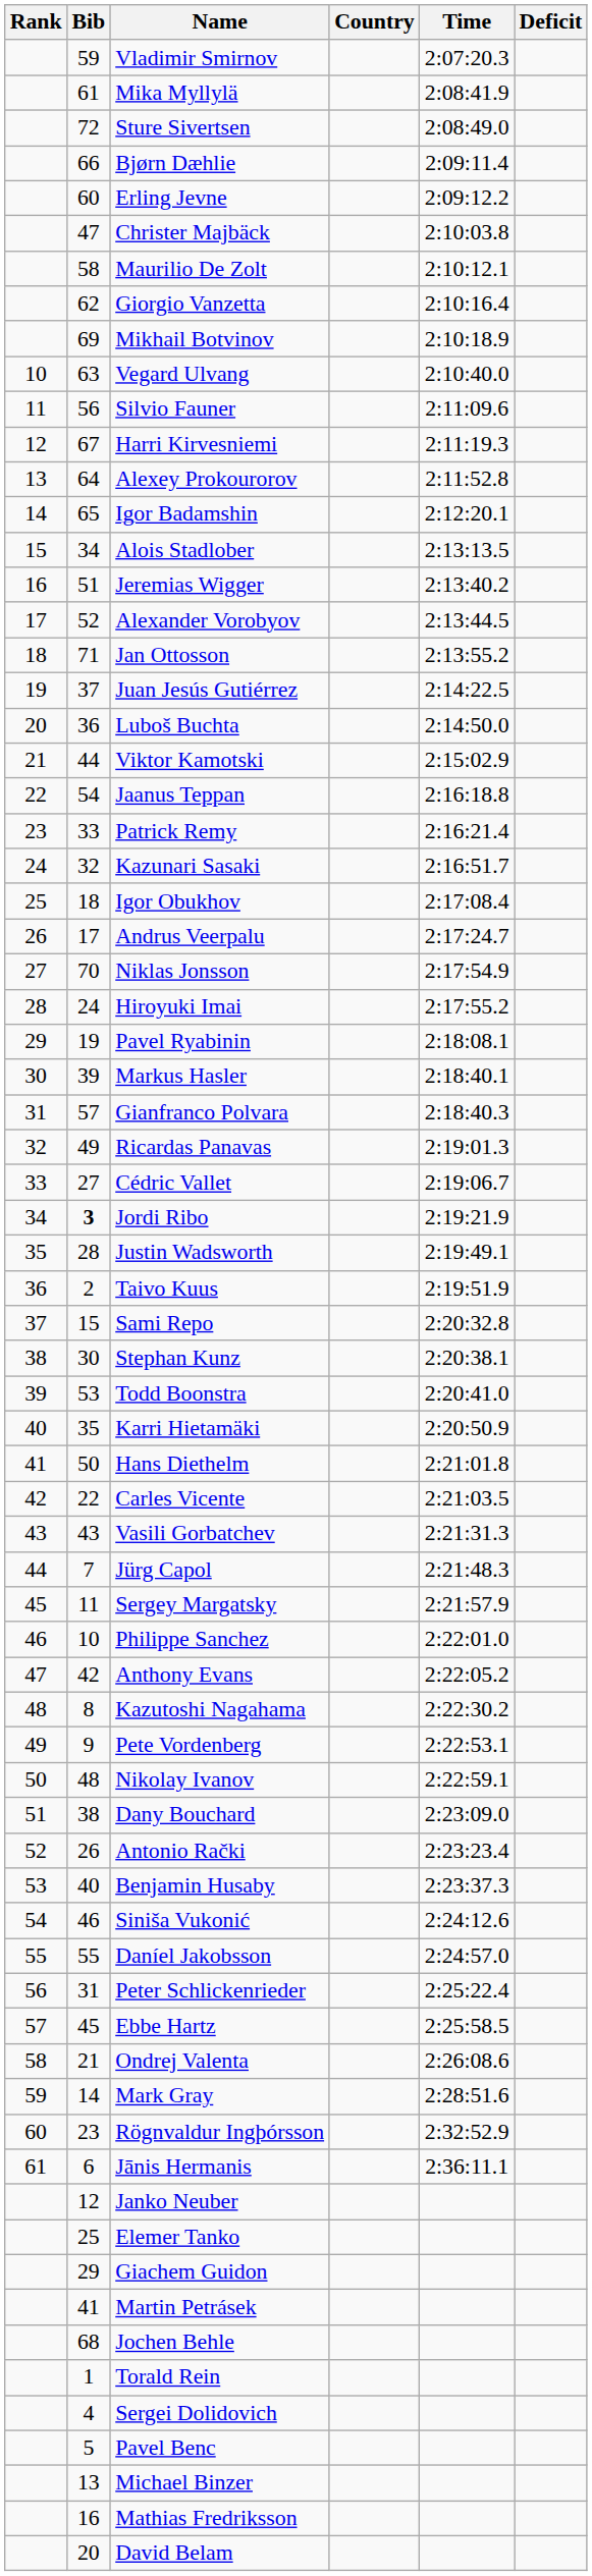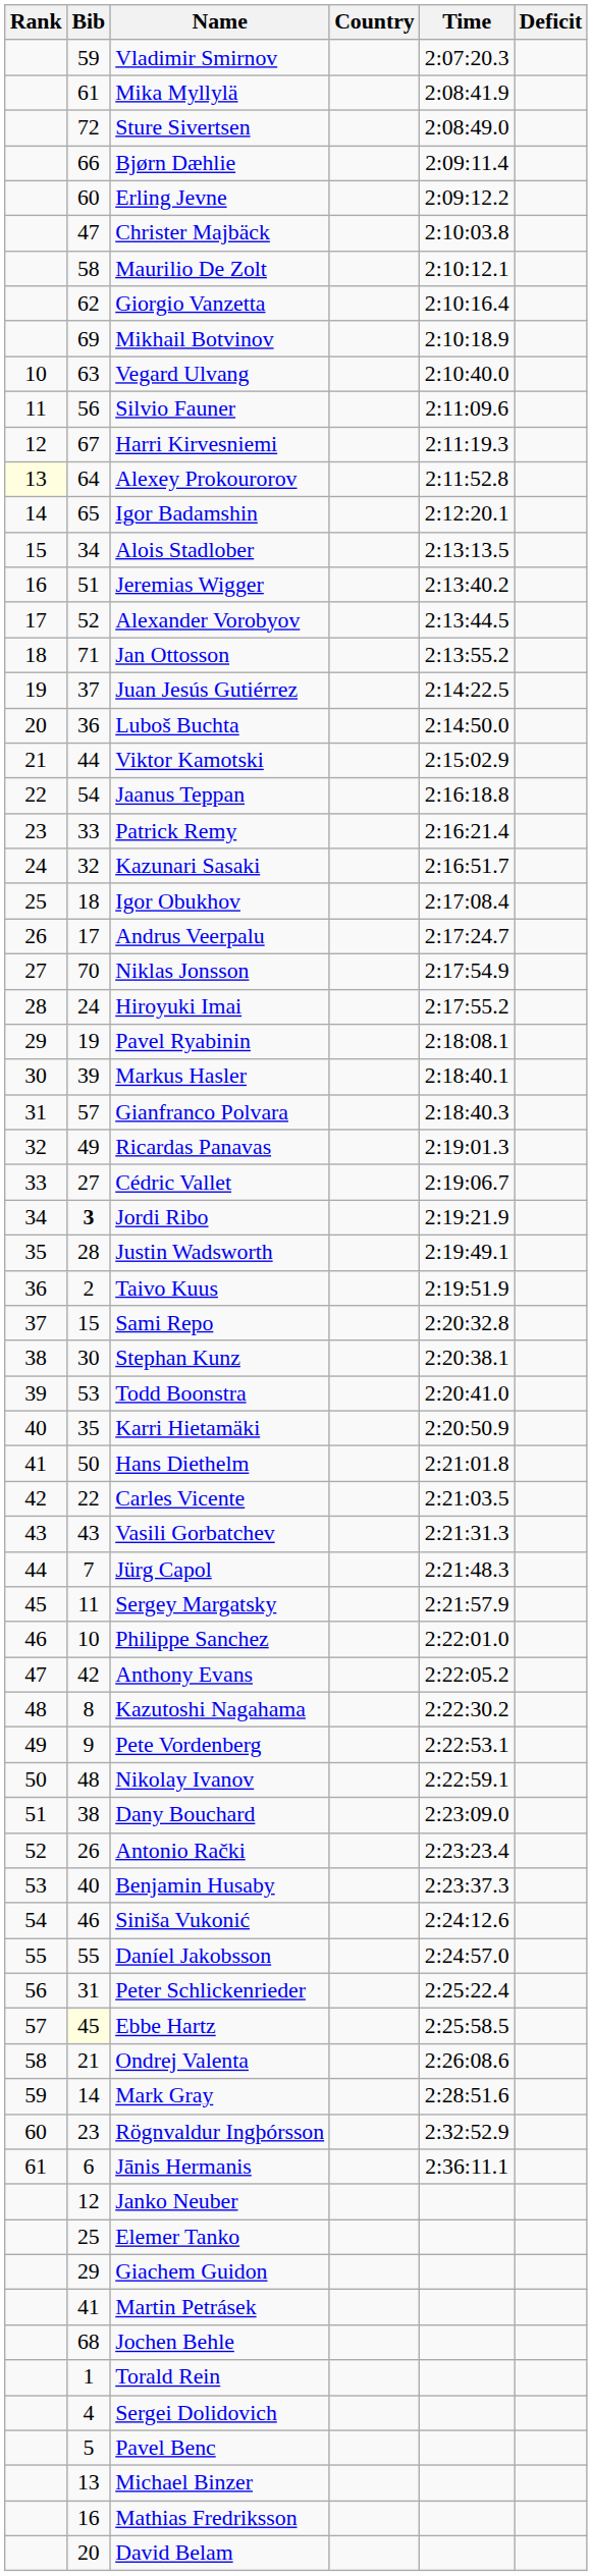 <table class="wikitable sortable" style="text-align:center">
 <tr>
 <th>Rank</th>
 <th>Bib</th>
 <th>Name</th>
 <th>Country</th>
 <th>Time</th>
 <th>Deficit</th>
 </tr>
 <tr>
 <td></td>
 <td>59</td>
 <td align="left"><a href='#'>Vladimir Smirnov</a></td>
 <td align="left"></td>
 <td>2:07:20.3</td>
 <td></td>
 </tr>
 <tr>
 <td></td>
 <td>61</td>
 <td align="left"><a href='#'>Mika Myllylä</a></td>
 <td align="left"></td>
 <td>2:08:41.9</td>
 <td align="right"></td>
 </tr>
 <tr>
 <td></td>
 <td>72</td>
 <td align="left"><a href='#'>Sture Sivertsen</a></td>
 <td align="left"></td>
 <td>2:08:49.0</td>
 <td align="right"></td>
 </tr>
 <tr>
 <td></td>
 <td>66</td>
 <td align="left"><a href='#'>Bjørn Dæhlie</a></td>
 <td align="left"></td>
 <td>2:09:11.4</td>
 <td align="right"></td>
 </tr>
 <tr>
 <td></td>
 <td>60</td>
 <td align="left"><a href='#'>Erling Jevne</a></td>
 <td align="left"></td>
 <td>2:09:12.2</td>
 <td align="right"></td>
 </tr>
 <tr>
 <td></td>
 <td>47</td>
 <td align="left"><a href='#'>Christer Majbäck</a></td>
 <td align="left"></td>
 <td>2:10:03.8</td>
 <td align="right"></td>
 </tr>
 <tr>
 <td></td>
 <td>58</td>
 <td align="left"><a href='#'>Maurilio De Zolt</a></td>
 <td align="left"></td>
 <td>2:10:12.1</td>
 <td align="right"></td>
 </tr>
 <tr>
 <td></td>
 <td>62</td>
 <td align="left"><a href='#'>Giorgio Vanzetta</a></td>
 <td align="left"></td>
 <td>2:10:16.4</td>
 <td align="right"></td>
 </tr>
 <tr>
 <td></td>
 <td>69</td>
 <td align="left"><a href='#'>Mikhail Botvinov</a></td>
 <td align="left"></td>
 <td>2:10:18.9</td>
 <td align="right"></td>
 </tr>
 <tr>
 <td>10</td>
 <td>63</td>
 <td align="left"><a href='#'>Vegard Ulvang</a></td>
 <td align="left"></td>
 <td>2:10:40.0</td>
 <td align="right"></td>
 </tr>
 <tr>
 <td>11</td>
 <td>56</td>
 <td align="left"><a href='#'>Silvio Fauner</a></td>
 <td align="left"></td>
 <td>2:11:09.6</td>
 <td align="right"></td>
 </tr>
 <tr>
 <td>12</td>
 <td>67</td>
 <td align="left"><a href='#'>Harri Kirvesniemi</a></td>
 <td align="left"></td>
 <td>2:11:19.3</td>
 <td align="right"></td>
 </tr>
 <tr>
-<td>13</td>
+<td style="background: lightyellow;">13</td>
 <td>64</td>
 <td align="left"><a href='#'>Alexey Prokourorov</a></td>
 <td align="left"></td>
 <td>2:11:52.8</td>
 <td align="right"></td>
 </tr>
 <tr>
 <td>14</td>
 <td>65</td>
 <td align="left"><a href='#'>Igor Badamshin</a></td>
 <td align="left"></td>
 <td>2:12:20.1</td>
 <td align="right"></td>
 </tr>
 <tr>
 <td>15</td>
 <td>34</td>
 <td align="left"><a href='#'>Alois Stadlober</a></td>
 <td align="left"></td>
 <td>2:13:13.5</td>
 <td align="right"></td>
 </tr>
 <tr>
 <td>16</td>
 <td>51</td>
 <td align="left"><a href='#'>Jeremias Wigger</a></td>
 <td align="left"></td>
 <td>2:13:40.2</td>
 <td align="right"></td>
 </tr>
 <tr>
 <td>17</td>
 <td>52</td>
 <td align="left"><a href='#'>Alexander Vorobyov</a></td>
 <td align="left"></td>
 <td>2:13:44.5</td>
 <td align="right"></td>
 </tr>
 <tr>
 <td>18</td>
 <td>71</td>
 <td align="left"><a href='#'>Jan Ottosson</a></td>
 <td align="left"></td>
 <td>2:13:55.2</td>
 <td align="right"></td>
 </tr>
 <tr>
 <td>19</td>
 <td>37</td>
 <td align="left"><a href='#'>Juan Jesús Gutiérrez</a></td>
 <td align="left"></td>
 <td>2:14:22.5</td>
 <td align="right"></td>
 </tr>
 <tr>
 <td>20</td>
 <td>36</td>
 <td align="left"><a href='#'>Luboš Buchta</a></td>
 <td align="left"></td>
 <td>2:14:50.0</td>
 <td align="right"></td>
 </tr>
 <tr>
 <td>21</td>
 <td>44</td>
 <td align="left"><a href='#'>Viktor Kamotski</a></td>
 <td align="left"></td>
 <td>2:15:02.9</td>
 <td align="right"></td>
 </tr>
 <tr>
 <td>22</td>
 <td>54</td>
 <td align="left"><a href='#'>Jaanus Teppan</a></td>
 <td align="left"></td>
 <td>2:16:18.8</td>
 <td align="right"></td>
 </tr>
 <tr>
 <td>23</td>
 <td>33</td>
 <td align="left"><a href='#'>Patrick Remy</a></td>
 <td align="left"></td>
 <td>2:16:21.4</td>
 <td align="right"></td>
 </tr>
 <tr>
 <td>24</td>
 <td>32</td>
 <td align="left"><a href='#'>Kazunari Sasaki</a></td>
 <td align="left"></td>
 <td>2:16:51.7</td>
 <td align="right"></td>
 </tr>
 <tr>
 <td>25</td>
 <td>18</td>
 <td align="left"><a href='#'>Igor Obukhov</a></td>
 <td align="left"></td>
 <td>2:17:08.4</td>
 <td align="right"></td>
 </tr>
 <tr>
 <td>26</td>
 <td>17</td>
 <td align="left"><a href='#'>Andrus Veerpalu</a></td>
 <td align="left"></td>
 <td>2:17:24.7</td>
 <td align="right"></td>
 </tr>
 <tr>
 <td>27</td>
 <td>70</td>
 <td align="left"><a href='#'>Niklas Jonsson</a></td>
 <td align="left"></td>
 <td>2:17:54.9</td>
 <td align="right"></td>
 </tr>
 <tr>
 <td>28</td>
 <td>24</td>
 <td align="left"><a href='#'>Hiroyuki Imai</a></td>
 <td align="left"></td>
 <td>2:17:55.2</td>
 <td align="right"></td>
 </tr>
 <tr>
 <td>29</td>
 <td>19</td>
 <td align="left"><a href='#'>Pavel Ryabinin</a></td>
 <td align="left"></td>
 <td>2:18:08.1</td>
 <td align="right"></td>
 </tr>
 <tr>
 <td>30</td>
 <td>39</td>
 <td align="left"><a href='#'>Markus Hasler</a></td>
 <td align="left"></td>
 <td>2:18:40.1</td>
 <td align="right"></td>
 </tr>
 <tr>
 <td>31</td>
 <td>57</td>
 <td align="left"><a href='#'>Gianfranco Polvara</a></td>
 <td align="left"></td>
 <td>2:18:40.3</td>
 <td align="right"></td>
 </tr>
 <tr>
 <td>32</td>
 <td>49</td>
 <td align="left"><a href='#'>Ricardas Panavas</a></td>
 <td align="left"></td>
 <td>2:19:01.3</td>
 <td align="right"></td>
 </tr>
 <tr>
 <td>33</td>
 <td>27</td>
 <td align="left"><a href='#'>Cédric Vallet</a></td>
 <td align="left"></td>
 <td>2:19:06.7</td>
 <td align="right"></td>
 </tr>
 <tr>
 <td>34</td>
 <td><strong>3</strong></td>
 <td align="left"><a href='#'>Jordi Ribo</a></td>
 <td align="left"></td>
 <td>2:19:21.9</td>
 <td align="right"></td>
 </tr>
 <tr>
 <td>35</td>
 <td>28</td>
 <td align="left"><a href='#'>Justin Wadsworth</a></td>
 <td align="left"></td>
 <td>2:19:49.1</td>
 <td align="right"></td>
 </tr>
 <tr>
 <td>36</td>
 <td>2</td>
 <td align="left"><a href='#'>Taivo Kuus</a></td>
 <td align="left"></td>
 <td>2:19:51.9</td>
 <td align="right"></td>
 </tr>
 <tr>
 <td>37</td>
 <td>15</td>
 <td align="left"><a href='#'>Sami Repo</a></td>
 <td align="left"></td>
 <td>2:20:32.8</td>
 <td align="right"></td>
 </tr>
 <tr>
 <td>38</td>
 <td>30</td>
 <td align="left"><a href='#'>Stephan Kunz</a></td>
 <td align="left"></td>
 <td>2:20:38.1</td>
 <td align="right"></td>
 </tr>
 <tr>
 <td>39</td>
 <td>53</td>
 <td align="left"><a href='#'>Todd Boonstra</a></td>
 <td align="left"></td>
 <td>2:20:41.0</td>
 <td align="right"></td>
 </tr>
 <tr>
 <td>40</td>
 <td>35</td>
 <td align="left"><a href='#'>Karri Hietamäki</a></td>
 <td align="left"></td>
 <td>2:20:50.9</td>
 <td align="right"></td>
 </tr>
 <tr>
 <td>41</td>
 <td>50</td>
 <td align="left"><a href='#'>Hans Diethelm</a></td>
 <td align="left"></td>
 <td>2:21:01.8</td>
 <td align="right"></td>
 </tr>
 <tr>
 <td>42</td>
 <td>22</td>
 <td align="left"><a href='#'>Carles Vicente</a></td>
 <td align="left"></td>
 <td>2:21:03.5</td>
 <td align="right"></td>
 </tr>
 <tr>
 <td>43</td>
 <td>43</td>
 <td align="left"><a href='#'>Vasili Gorbatchev</a></td>
 <td align="left"></td>
 <td>2:21:31.3</td>
 <td align="right"></td>
 </tr>
 <tr>
 <td>44</td>
 <td>7</td>
 <td align="left"><a href='#'>Jürg Capol</a></td>
 <td align="left"></td>
 <td>2:21:48.3</td>
 <td align="right"></td>
 </tr>
 <tr>
 <td>45</td>
 <td>11</td>
 <td align="left"><a href='#'>Sergey Margatsky</a></td>
 <td align="left"></td>
 <td>2:21:57.9</td>
 <td align="right"></td>
 </tr>
 <tr>
 <td>46</td>
 <td>10</td>
 <td align="left"><a href='#'>Philippe Sanchez</a></td>
 <td align="left"></td>
 <td>2:22:01.0</td>
 <td align="right"></td>
 </tr>
 <tr>
 <td>47</td>
 <td>42</td>
 <td align="left"><a href='#'>Anthony Evans</a></td>
 <td align="left"></td>
 <td>2:22:05.2</td>
 <td align="right"></td>
 </tr>
 <tr>
 <td>48</td>
 <td>8</td>
 <td align="left"><a href='#'>Kazutoshi Nagahama</a></td>
 <td align="left"></td>
 <td>2:22:30.2</td>
 <td align="right"></td>
 </tr>
 <tr>
 <td>49</td>
 <td>9</td>
 <td align="left"><a href='#'>Pete Vordenberg</a></td>
 <td align="left"></td>
 <td>2:22:53.1</td>
 <td align="right"></td>
 </tr>
 <tr>
 <td>50</td>
 <td>48</td>
 <td align="left"><a href='#'>Nikolay Ivanov</a></td>
 <td align="left"></td>
 <td>2:22:59.1</td>
 <td align="right"></td>
 </tr>
 <tr>
 <td>51</td>
 <td>38</td>
 <td align="left"><a href='#'>Dany Bouchard</a></td>
 <td align="left"></td>
 <td>2:23:09.0</td>
 <td align="right"></td>
 </tr>
 <tr>
 <td>52</td>
 <td>26</td>
 <td align="left"><a href='#'>Antonio Rački</a></td>
 <td align="left"></td>
 <td>2:23:23.4</td>
 <td align="right"></td>
 </tr>
 <tr>
 <td>53</td>
 <td>40</td>
 <td align="left"><a href='#'>Benjamin Husaby</a></td>
 <td align="left"></td>
 <td>2:23:37.3</td>
 <td align="right"></td>
 </tr>
 <tr>
 <td>54</td>
 <td>46</td>
 <td align="left"><a href='#'>Siniša Vukonić</a></td>
 <td align="left"></td>
 <td>2:24:12.6</td>
 <td align="right"></td>
 </tr>
 <tr>
 <td>55</td>
 <td>55</td>
 <td align="left"><a href='#'>Daníel Jakobsson</a></td>
 <td align="left"></td>
 <td>2:24:57.0</td>
 <td align="right"></td>
 </tr>
 <tr>
 <td>56</td>
 <td>31</td>
 <td align="left"><a href='#'>Peter Schlickenrieder</a></td>
 <td align="left"></td>
 <td>2:25:22.4</td>
 <td align="right"></td>
 </tr>
 <tr>
 <td>57</td>
-<td>45</td>
+<td style="background: lightyellow;">45</td>
 <td align="left"><a href='#'>Ebbe Hartz</a></td>
 <td align="left"></td>
 <td>2:25:58.5</td>
 <td align="right"></td>
 </tr>
 <tr>
 <td>58</td>
 <td>21</td>
 <td align="left"><a href='#'>Ondrej Valenta</a></td>
 <td align="left"></td>
 <td>2:26:08.6</td>
 <td align="right"></td>
 </tr>
 <tr>
 <td>59</td>
 <td>14</td>
 <td align="left"><a href='#'>Mark Gray</a></td>
 <td align="left"></td>
 <td>2:28:51.6</td>
 <td align="right"></td>
 </tr>
 <tr>
 <td>60</td>
 <td>23</td>
 <td align="left"><a href='#'>Rögnvaldur Ingþórsson</a></td>
 <td align="left"></td>
 <td>2:32:52.9</td>
 <td align="right"></td>
 </tr>
 <tr>
 <td>61</td>
 <td>6</td>
 <td align="left"><a href='#'>Jānis Hermanis</a></td>
 <td align="left"></td>
 <td>2:36:11.1</td>
 <td align="right"></td>
 </tr>
 <tr>
 <td></td>
 <td>12</td>
 <td align="left"><a href='#'>Janko Neuber</a></td>
 <td align="left"></td>
 <td></td>
 <td></td>
 </tr>
 <tr>
 <td></td>
 <td>25</td>
 <td align="left"><a href='#'>Elemer Tanko</a></td>
 <td align="left"></td>
 <td></td>
 <td></td>
 </tr>
 <tr>
 <td></td>
 <td>29</td>
 <td align="left"><a href='#'>Giachem Guidon</a></td>
 <td align="left"></td>
 <td></td>
 <td></td>
 </tr>
 <tr>
 <td></td>
 <td>41</td>
 <td align="left"><a href='#'>Martin Petrásek</a></td>
 <td align="left"></td>
 <td></td>
 <td></td>
 </tr>
 <tr>
 <td></td>
 <td>68</td>
 <td align="left"><a href='#'>Jochen Behle</a></td>
 <td align="left"></td>
 <td></td>
 <td></td>
 </tr>
 <tr>
 <td></td>
 <td>1</td>
 <td align="left"><a href='#'>Torald Rein</a></td>
 <td align="left"></td>
 <td></td>
 <td></td>
 </tr>
 <tr>
 <td></td>
 <td>4</td>
 <td align="left"><a href='#'>Sergei Dolidovich</a></td>
 <td align="left"></td>
 <td></td>
 <td></td>
 </tr>
 <tr>
 <td></td>
 <td>5</td>
 <td align="left"><a href='#'>Pavel Benc</a></td>
 <td align="left"></td>
 <td></td>
 <td></td>
 </tr>
 <tr>
 <td></td>
 <td>13</td>
 <td align="left"><a href='#'>Michael Binzer</a></td>
 <td align="left"></td>
 <td></td>
 <td></td>
 </tr>
 <tr>
 <td></td>
 <td>16</td>
 <td align="left"><a href='#'>Mathias Fredriksson</a></td>
 <td align="left"></td>
 <td></td>
 <td></td>
 </tr>
 <tr>
 <td></td>
 <td>20</td>
 <td align="left"><a href='#'>David Belam</a></td>
 <td align="left"></td>
 <td></td>
 <td></td>
 </tr>
 </table>
